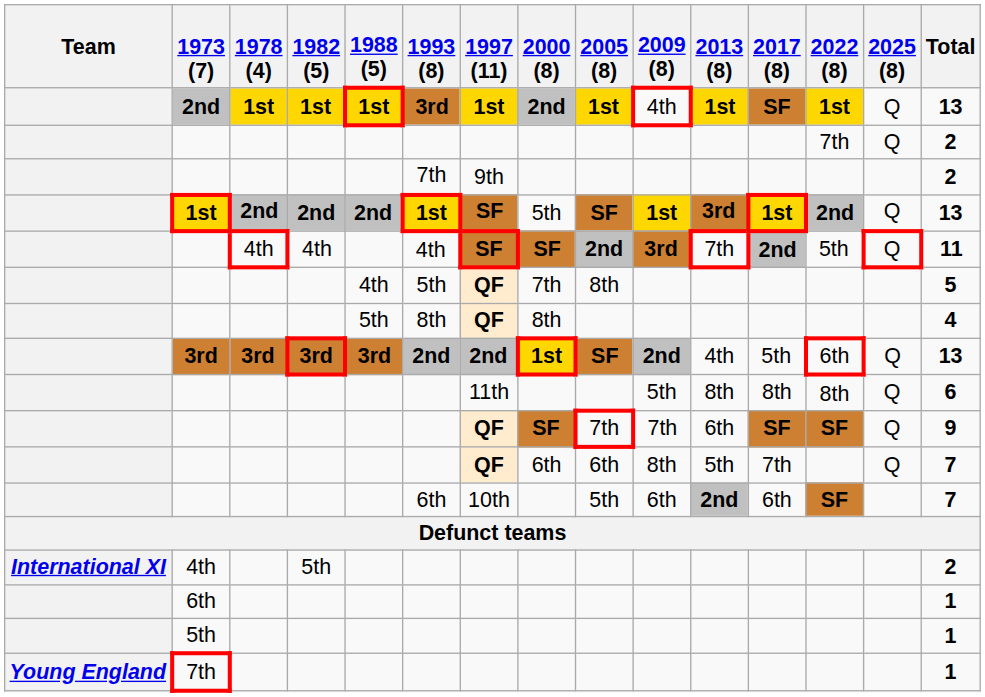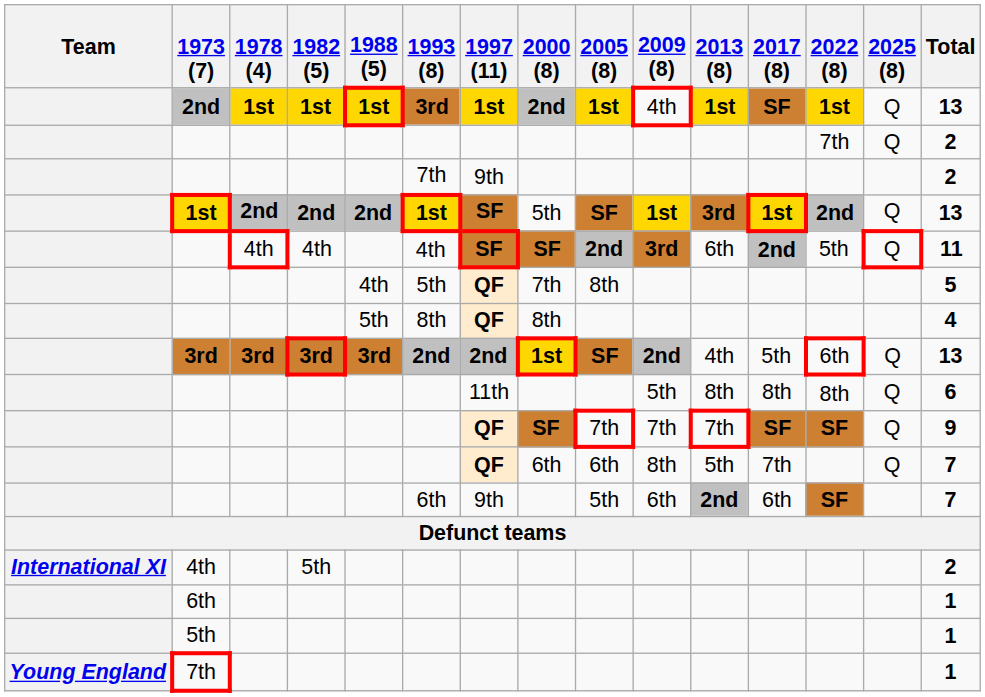 <table class="wikitable plainrowheaders" style="text-align: center;">
 <tr>
 <th scope="col">Team</th>
 <th scope="col"><br><a href='#'>1973</a><br> (7)</th>
 <th scope="col"><br><a href='#'>1978</a><br> (4)</th>
 <th scope="col"><br><a href='#'>1982</a><br> (5)</th>
 <th scope="col"><br><a href='#'>1988</a><br> (5)</th>
 <th scope="col"><br><a href='#'>1993</a><br> (8)</th>
 <th scope="col"><br><a href='#'>1997</a><br> (11)</th>
 <th scope="col"><br><a href='#'>2000</a><br> (8)</th>
 <th scope="col"><br><a href='#'>2005</a><br> (8)</th>
 <th scope="col"><br><a href='#'>2009</a><br> (8)</th>
 <th scope="col"><br><a href='#'>2013</a><br> (8)</th>
 <th scope="col"><br><a href='#'>2017</a><br> (8)</th>
 <th scope="col"><br><a href='#'>2022</a><br> (8)</th>
 <th scope="col"><br><a href='#'>2025</a><br> (8)</th>
 <th>Total</th>
 </tr>
 <tr>
 <th scope="row"></th>
 <td bgcolor=silver><strong>2nd</strong></td>
 <td bgcolor=gold><strong>1st</strong></td>
 <td bgcolor=gold><strong>1st</strong></td>
 <td style="border: 3px solid red" bgcolor=gold><strong>1st</strong></td>
 <td bgcolor=#CD7F32><strong>3rd</strong></td>
 <td bgcolor=gold><strong>1st</strong></td>
 <td bgcolor=silver><strong>2nd</strong></td>
 <td bgcolor=gold><strong>1st</strong></td>
 <td style="border: 3px solid red">4th</td>
 <td bgcolor=gold><strong>1st</strong></td>
 <td bgcolor=#CD7F32><strong>SF</strong></td>
 <td bgcolor=gold><strong>1st</strong></td>
 <td>Q</td>
 <td><strong>13</strong></td>
 </tr>
 <tr>
 <th scope="row"></th>
 <td></td>
 <td></td>
 <td></td>
 <td></td>
 <td></td>
 <td></td>
 <td></td>
 <td></td>
 <td></td>
 <td></td>
 <td></td>
 <td>7th</td>
 <td>Q</td>
 <td><strong>2</strong></td>
 </tr>
 <tr>
 <th scope="row"></th>
 <td></td>
 <td></td>
 <td></td>
 <td></td>
 <td>7th</td>
 <td>9th</td>
 <td></td>
 <td></td>
 <td></td>
 <td></td>
 <td></td>
 <td></td>
 <td></td>
 <td><strong>2</strong></td>
 </tr>
 <tr>
 <th scope="row"></th>
 <td style="border: 3px solid red" bgcolor=gold><strong>1st</strong></td>
 <td bgcolor=silver><strong>2nd</strong></td>
 <td bgcolor=silver><strong>2nd</strong></td>
 <td bgcolor=silver><strong>2nd</strong></td>
 <td style="border: 3px solid red" bgcolor=gold><strong>1st</strong></td>
 <td bgcolor=#CD7F32><strong>SF</strong></td>
 <td>5th</td>
 <td bgcolor=#CD7F32><strong>SF</strong></td>
 <td bgcolor=gold><strong>1st</strong></td>
 <td bgcolor=#CD7F32><strong>3rd</strong></td>
 <td style="border: 3px solid red" bgcolor=gold><strong>1st</strong></td>
 <td bgcolor=silver><strong>2nd</strong></td>
 <td>Q</td>
 <td><strong>13</strong></td>
 </tr>
 <tr>
 <th scope="row"></th>
 <td></td>
 <td style="border: 3px solid red">4th</td>
 <td>4th</td>
 <td></td>
 <td>4th</td>
 <td style="border: 3px solid red" bgcolor=#CD7F32><strong>SF</strong></td>
 <td bgcolor=#CD7F32><strong>SF</strong></td>
 <td bgcolor=silver><strong>2nd</strong></td>
 <td bgcolor=#CD7F32><strong>3rd</strong></td>
-<td style="border: 3px solid red">7th</td>
+<td>6th</td>
 <td bgcolor=silver><strong>2nd</strong></td>
 <td>5th</td>
 <td style="border: 3px solid red">Q</td>
 <td><strong>11</strong></td>
 </tr>
 <tr>
 <th scope="row"></th>
 <td></td>
 <td></td>
 <td></td>
 <td>4th</td>
 <td>5th</td>
 <td bgcolor=#ffebcd><strong>QF</strong></td>
 <td>7th</td>
 <td>8th</td>
 <td></td>
 <td></td>
 <td></td>
 <td></td>
 <td></td>
 <td><strong>5</strong></td>
 </tr>
 <tr>
 <th scope="row"></th>
 <td></td>
 <td></td>
 <td></td>
 <td>5th</td>
 <td>8th</td>
 <td bgcolor=#ffebcd><strong>QF</strong></td>
 <td>8th</td>
 <td></td>
 <td></td>
 <td></td>
 <td></td>
 <td></td>
 <td></td>
 <td><strong>4</strong></td>
 </tr>
 <tr>
 <th scope="row"></th>
 <td bgcolor=#CD7F32><strong>3rd</strong></td>
 <td bgcolor=#CD7F32><strong>3rd</strong></td>
 <td style="border: 3px solid red" bgcolor=#CD7F32><strong>3rd</strong></td>
 <td bgcolor=#CD7F32><strong>3rd</strong></td>
 <td bgcolor=silver><strong>2nd</strong></td>
 <td bgcolor=silver><strong>2nd</strong></td>
 <td style="border: 3px solid red" bgcolor=gold><strong>1st</strong></td>
 <td bgcolor=#CD7F32><strong>SF</strong></td>
 <td bgcolor=silver><strong>2nd</strong></td>
 <td>4th</td>
 <td>5th</td>
 <td style="border: 3px solid red">6th</td>
 <td>Q</td>
 <td><strong>13</strong></td>
 </tr>
 <tr>
 <th scope="row"></th>
 <td></td>
 <td></td>
 <td></td>
 <td></td>
 <td></td>
 <td>11th</td>
 <td></td>
 <td></td>
 <td>5th</td>
 <td>8th</td>
 <td>8th</td>
 <td>8th</td>
 <td>Q</td>
 <td><strong>6</strong></td>
 </tr>
 <tr>
 <th scope="row"></th>
 <td></td>
 <td></td>
 <td></td>
 <td></td>
 <td></td>
 <td bgcolor=#ffebcd><strong>QF</strong></td>
 <td bgcolor=#CD7F32><strong>SF</strong></td>
 <td style="border: 3px solid red">7th</td>
 <td>7th</td>
-<td>6th</td>
+<td style="border: 3px solid red">7th</td>
 <td bgcolor=#CD7F32><strong>SF</strong></td>
 <td bgcolor=#CD7F32><strong>SF</strong></td>
 <td>Q</td>
 <td><strong>9</strong></td>
 </tr>
 <tr>
 <th scope="row"></th>
 <td></td>
 <td></td>
 <td></td>
 <td></td>
 <td></td>
 <td bgcolor=#ffebcd><strong>QF</strong></td>
 <td>6th</td>
 <td>6th</td>
 <td>8th</td>
 <td>5th</td>
 <td>7th</td>
 <td></td>
 <td>Q</td>
 <td><strong>7</strong></td>
 </tr>
 <tr>
 <th scope="row"></th>
 <td></td>
 <td></td>
 <td></td>
 <td></td>
 <td>6th</td>
-<td>10th</td>
+<td>9th</td>
 <td></td>
 <td>5th</td>
 <td>6th</td>
 <td bgcolor=silver><strong>2nd</strong></td>
 <td>6th</td>
 <td bgcolor=#CD7F32><strong>SF</strong></td>
 <td></td>
 <td><strong>7</strong></td>
 </tr>
 <tr>
 <th colspan="15" align="center">Defunct teams</th>
 </tr>
 <tr>
 <th scope="row"><em><a href='#'>International XI</a></em></th>
 <td>4th</td>
 <td></td>
 <td>5th</td>
 <td></td>
 <td></td>
 <td></td>
 <td></td>
 <td></td>
 <td></td>
 <td></td>
 <td></td>
 <td></td>
 <td></td>
 <td><strong>2</strong></td>
 </tr>
 <tr>
 <th scope="row"><em></em></th>
 <td>6th</td>
 <td></td>
 <td></td>
 <td></td>
 <td></td>
 <td></td>
 <td></td>
 <td></td>
 <td></td>
 <td></td>
 <td></td>
 <td></td>
 <td></td>
 <td><strong>1</strong></td>
 </tr>
 <tr>
 <th scope="row"><em></em></th>
 <td>5th</td>
 <td></td>
 <td></td>
 <td></td>
 <td></td>
 <td></td>
 <td></td>
 <td></td>
 <td></td>
 <td></td>
 <td></td>
 <td></td>
 <td></td>
 <td><strong>1</strong></td>
 </tr>
 <tr>
 <th scope="row"><em> <a href='#'>Young England</a></em></th>
 <td style="border: 3px solid red">7th</td>
 <td></td>
 <td></td>
 <td></td>
 <td></td>
 <td></td>
 <td></td>
 <td></td>
 <td></td>
 <td></td>
 <td></td>
 <td></td>
 <td></td>
 <td><strong>1</strong></td>
 </tr>
 </table>
